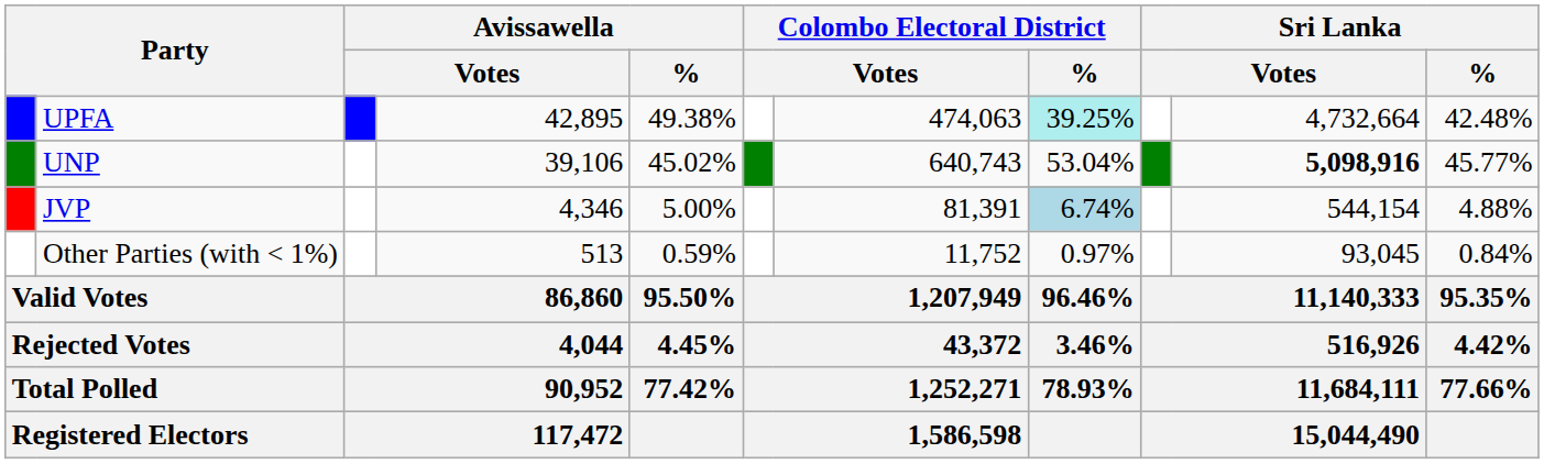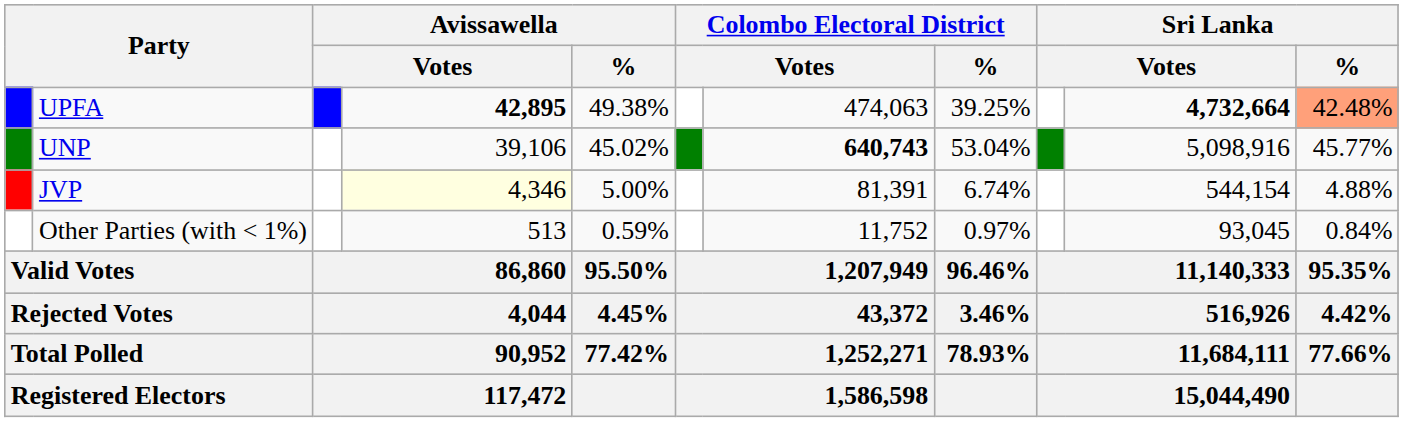 <table class="wikitable">
 <tr>
 <th colspan="2" width="144px"rowspan="2">Party</th>
 <th colspan="3" width="216px">Avissawella</th>
 <th colspan="3" width="216px"><a href='#'>Colombo Electoral District</a></th>
 <th colspan="3" width="216px">Sri Lanka</th>
 </tr>
 <tr>
 <th colspan="2" width="144px">Votes</th>
 <th>%</th>
 <th colspan="2" width="144px">Votes</th>
 <th>%</th>
 <th colspan="2" width="144px">Votes</th>
 <th>%</th>
 </tr>
 <tr>
 <td style="background-color:blue;" width="10px"></td>
 <td style="text-align:left;"><a href='#'>UPFA</a></td>
 <td style="background-color:blue;" width="10px"></td>
-<td style="text-align:right;">42,895</td>
+<td style="text-align:right;"><strong>42,895</strong></td>
 <td style="text-align:right;">49.38%</td>
 <td style="background-color:white;" width="10px"></td>
 <td style="text-align:right;">474,063</td>
-<td style="background: paleturquoise; text-align:right;">39.25%</td>
+<td style="text-align:right;">39.25%</td>
 <td style="background-color:white;" width="10px"></td>
-<td style="text-align:right;">4,732,664</td>
-<td style="text-align:right;">42.48%</td>
+<td style="text-align:right;"><strong>4,732,664</strong></td>
+<td style="background: lightsalmon; text-align:right;">42.48%</td>
 </tr>
 <tr>
 <td style="background-color:green;" width="10px"></td>
 <td style="text-align:left;"><a href='#'>UNP</a></td>
 <td style="background-color:white;" width="10px"></td>
 <td style="text-align:right;">39,106</td>
 <td style="text-align:right;">45.02%</td>
 <td style="background-color:green;" width="10px"></td>
-<td style="text-align:right;">640,743</td>
+<td style="text-align:right;"><strong>640,743</strong></td>
 <td style="text-align:right;">53.04%</td>
 <td style="background-color:green;" width="10px"></td>
-<td style="text-align:right;"><strong>5,098,916</strong></td>
+<td style="text-align:right;">5,098,916</td>
 <td style="text-align:right;">45.77%</td>
 </tr>
 <tr>
 <td style="background-color:red;" width="10px"></td>
 <td style="text-align:left;"><a href='#'>JVP</a></td>
 <td style="background-color:white;" width="10px"></td>
-<td style="text-align:right;">4,346</td>
+<td style="background: lightyellow; text-align:right;">4,346</td>
 <td style="text-align:right;">5.00%</td>
 <td style="background-color:white;" width="10px"></td>
 <td style="text-align:right;">81,391</td>
-<td style="background: lightblue; text-align:right;">6.74%</td>
+<td style="text-align:right;">6.74%</td>
 <td style="background-color:white;" width="10px"></td>
 <td style="text-align:right;">544,154</td>
 <td style="text-align:right;">4.88%</td>
 </tr>
 <tr>
 <td style="background-color:white;" width="10px"></td>
 <td style="text-align:left;">Other Parties (with < 1%)</td>
 <td style="background-color:white;" width="10px"></td>
 <td style="text-align:right;">513</td>
 <td style="text-align:right;">0.59%</td>
 <td style="background-color:white;" width="10px"></td>
 <td style="text-align:right;">11,752</td>
 <td style="text-align:right;">0.97%</td>
 <td style="background-color:white;" width="10px"></td>
 <td style="text-align:right;">93,045</td>
 <td style="text-align:right;">0.84%</td>
 </tr>
 <tr>
 <th colspan="2" width="144px"style="text-align:left;">Valid Votes</th>
 <th style="text-align:right;"colspan="2" width="144px">86,860</th>
 <th style="text-align:right;">95.50%</th>
 <th style="text-align:right;"colspan="2" width="144px">1,207,949</th>
 <th style="text-align:right;">96.46%</th>
 <th style="text-align:right;"colspan="2" width="144px">11,140,333</th>
 <th style="text-align:right;">95.35%</th>
 </tr>
 <tr>
 <th colspan="2" width="144px"style="text-align:left;">Rejected Votes</th>
 <th style="text-align:right;"colspan="2" width="144px">4,044</th>
 <th style="text-align:right;">4.45%</th>
 <th style="text-align:right;"colspan="2" width="144px">43,372</th>
 <th style="text-align:right;">3.46%</th>
 <th style="text-align:right;"colspan="2" width="144px">516,926</th>
 <th style="text-align:right;">4.42%</th>
 </tr>
 <tr>
 <th colspan="2" width="144px"style="text-align:left;">Total Polled</th>
 <th style="text-align:right;"colspan="2" width="144px">90,952</th>
 <th style="text-align:right;">77.42%</th>
 <th style="text-align:right;"colspan="2" width="144px">1,252,271</th>
 <th style="text-align:right;">78.93%</th>
 <th style="text-align:right;"colspan="2" width="144px">11,684,111</th>
 <th style="text-align:right;">77.66%</th>
 </tr>
 <tr>
 <th colspan="2" width="144px"style="text-align:left;">Registered Electors</th>
 <th style="text-align:right;"colspan="2" width="144px">117,472</th>
 <th></th>
 <th style="text-align:right;"colspan="2" width="144px">1,586,598</th>
 <th></th>
 <th style="text-align:right;"colspan="2" width="144px">15,044,490</th>
 <th></th>
 </tr>
 </table>
